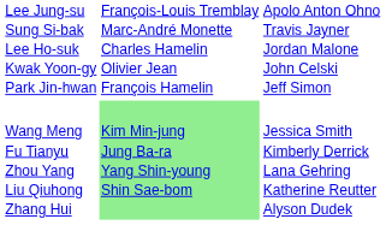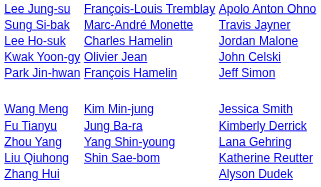 <table>
 <tr>
 <th scope=row style="text-align:left"></th>
 <td valign="top"><strong></strong><br><small><a href='#'>Lee Jung-su</a><br><a href='#'>Sung Si-bak</a><br><a href='#'>Lee Ho-suk</a><br><a href='#'>Kwak Yoon-gy</a><br><a href='#'>Park Jin-hwan</a></small></td>
 <td valign="top"><strong></strong><br><small><a href='#'>François-Louis Tremblay</a><br><a href='#'>Marc-André Monette</a><br><a href='#'>Charles Hamelin</a><br><a href='#'>Olivier Jean</a><br><a href='#'>François Hamelin</a></small></td>
 <td valign="top"><strong></strong><br><small><a href='#'>Apolo Anton Ohno</a><br><a href='#'>Travis Jayner</a><br><a href='#'>Jordan Malone</a><br><a href='#'>John Celski</a><br><a href='#'>Jeff Simon</a></small></td>
 </tr>
 <tr>
 <th scope=row style="text-align:left"></th>
 <td valign="top"><strong></strong><br><small><a href='#'>Wang Meng</a><br><a href='#'>Fu Tianyu</a><br><a href='#'>Zhou Yang</a><br><a href='#'>Liu Qiuhong</a><br><a href='#'>Zhang Hui</a></small></td>
-<td valign="top" style="background: lightgreen;"><strong></strong><br><small><a href='#'>Kim Min-jung</a><br><a href='#'>Jung Ba-ra</a><br><a href='#'>Yang Shin-young</a><br><a href='#'>Shin Sae-bom</a></small></td>
+<td valign="top"><strong></strong><br><small><a href='#'>Kim Min-jung</a><br><a href='#'>Jung Ba-ra</a><br><a href='#'>Yang Shin-young</a><br><a href='#'>Shin Sae-bom</a></small></td>
 <td valign="top"><strong></strong><br><small><a href='#'>Jessica Smith</a><br><a href='#'>Kimberly Derrick</a><br><a href='#'>Lana Gehring</a><br><a href='#'>Katherine Reutter</a><br><a href='#'>Alyson Dudek</a></small></td>
 </tr>
 </table>
